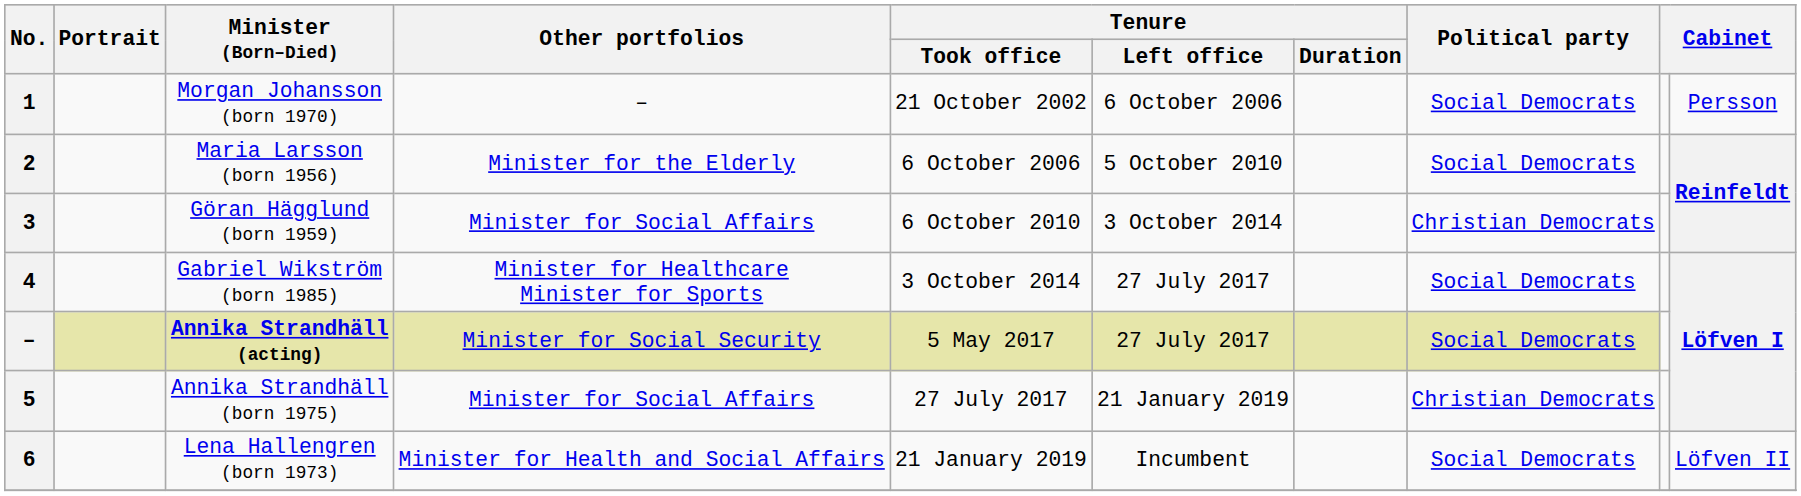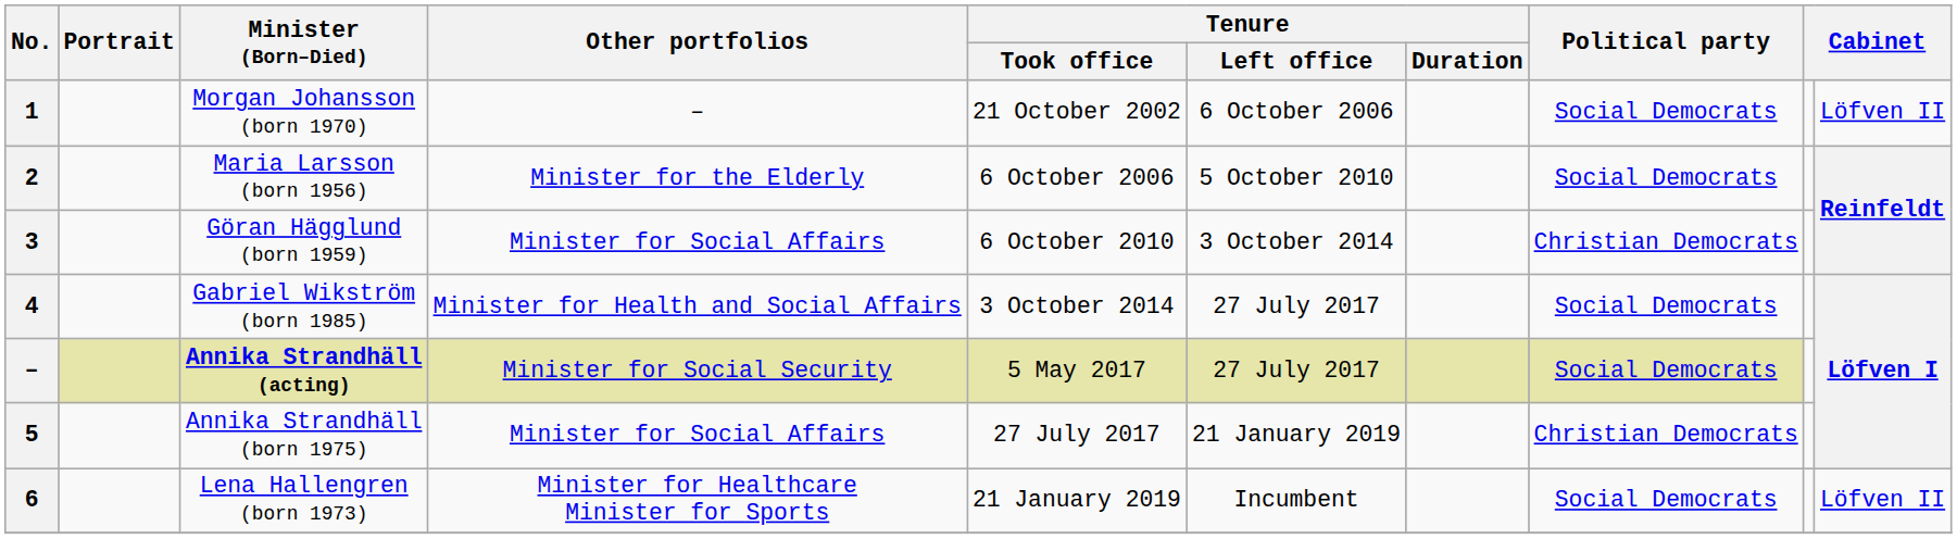 <table class="wikitable" style="text-align: center;">
 <tr>
 <th rowspan="2">No.</th>
 <th rowspan="2">Portrait</th>
 <th rowspan="2">Minister<br><small>(Born–Died)</small></th>
 <th rowspan="2">Other portfolios</th>
 <th colspan="3">Tenure</th>
 <th rowspan="2">Political party</th>
 <th rowspan="2" colspan="2"><a href='#'>Cabinet</a></th>
 </tr>
 <tr>
 <th>Took office</th>
 <th>Left office</th>
 <th>Duration</th>
 </tr>
 <tr>
 <th style="background: ">1</th>
 <td></td>
 <td><a href='#'>Morgan Johansson</a><br><small>(born 1970)</small></td>
 <td>–</td>
 <td>21 October 2002</td>
 <td>6 October 2006</td>
 <td></td>
 <td><a href='#'>Social Democrats</a></td>
 <td style="background: "></td>
-<td><a href='#'>Persson</a></td>
+<td><a href='#'>Löfven II</a></td>
 </tr>
 <tr>
 <th style="background: ">2</th>
 <td></td>
 <td><a href='#'>Maria Larsson</a><br><small>(born 1956)</small></td>
 <td><a href='#'>Minister for the Elderly</a></td>
 <td>6 October 2006</td>
 <td>5 October 2010</td>
 <td></td>
 <td><a href='#'>Social Democrats</a></td>
 <td style="background: "></td>
 <th rowspan=2><a href='#'>Reinfeldt</a></th>
 </tr>
 <tr>
 <th style="background: ">3</th>
 <td></td>
 <td><a href='#'>Göran Hägglund</a><br><small>(born 1959)</small></td>
 <td><a href='#'>Minister for Social Affairs</a></td>
 <td>6 October 2010</td>
 <td>3 October 2014</td>
 <td></td>
 <td><a href='#'>Christian Democrats</a></td>
 <td style="background: "></td>
 </tr>
 <tr>
 <th style="background: ">4</th>
 <td></td>
 <td><a href='#'>Gabriel Wikström</a><br><small>(born 1985)</small></td>
-<td><a href='#'>Minister for Healthcare</a><br><a href='#'>Minister for Sports</a></td>
+<td><a href='#'>Minister for Health and Social Affairs</a></td>
 <td>3 October 2014</td>
 <td>27 July 2017</td>
 <td></td>
 <td><a href='#'>Social Democrats</a></td>
 <td style="background: "></td>
 <th rowspan=3><a href='#'>Löfven I</a></th>
 </tr>
 <tr>
 <th style="background: ">–</th>
 <td bgcolor=#E6E6AA></td>
 <td bgcolor=#E6E6AA><strong><a href='#'>Annika Strandhäll</a></strong><br><small><strong>(acting)</strong></small></td>
 <td bgcolor=#E6E6AA><a href='#'>Minister for Social Security</a></td>
 <td bgcolor=#E6E6AA>5 May 2017</td>
 <td bgcolor=#E6E6AA>27 July 2017</td>
 <td bgcolor=#E6E6AA></td>
 <td bgcolor=#E6E6AA><a href='#'>Social Democrats</a></td>
 <td style="background: "></td>
 </tr>
 <tr>
 <th style="background: ">5</th>
 <td></td>
 <td><a href='#'>Annika Strandhäll</a><br><small>(born 1975)</small></td>
 <td><a href='#'>Minister for Social Affairs</a></td>
 <td>27 July 2017</td>
 <td>21 January 2019</td>
 <td></td>
 <td><a href='#'>Christian Democrats</a></td>
 <td style="background: "></td>
 </tr>
 <tr>
 <th style="background: ">6</th>
 <td></td>
 <td><a href='#'>Lena Hallengren</a><br><small>(born 1973)</small></td>
-<td><a href='#'>Minister for Health and Social Affairs</a></td>
+<td><a href='#'>Minister for Healthcare</a><br><a href='#'>Minister for Sports</a></td>
 <td>21 January 2019</td>
 <td>Incumbent</td>
 <td></td>
 <td><a href='#'>Social Democrats</a></td>
 <td style="background: "></td>
 <td><a href='#'>Löfven II</a></td>
 </tr>
 <tr>
 </tr>
 </table>
